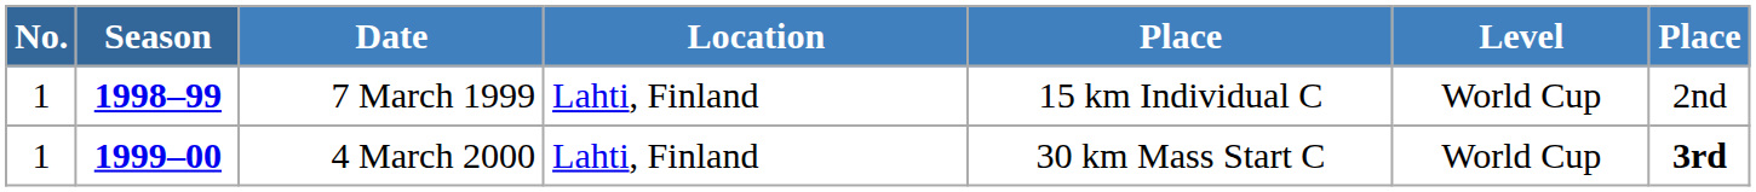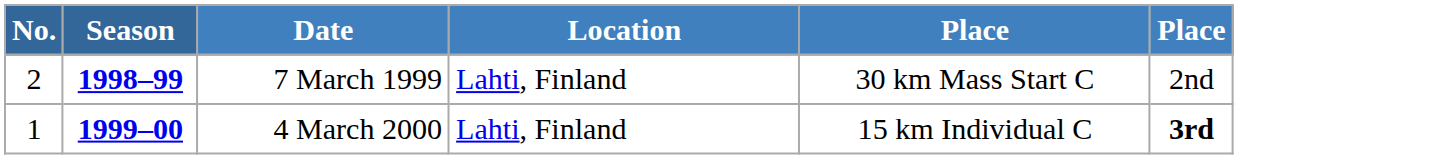 <table class="wikitable sortable" style="font-size:95%; text-align:center; border:grey solid 1px; border-collapse:collapse; background:#ffffff;">
 <tr style="background:#efefef;">
 <th style="background-color:#369; color:white;">No.</th>
 <th style="background-color:#369; color:white;">Season</th>
 <th style="background-color:#4180be; color:white; width:120px;">Date</th>
 <th style="background-color:#4180be; color:white; width:170px;">Location</th>
 <th style="background-color:#4180be; color:white; width:170px;">Place</th>
-<th style="background-color:#4180be; color:white; width:100px;">Level</th>
 <th style="background-color:#4180be; color:white;">Place</th>
 </tr>
 <tr>
-<td align=center>1</td>
+<td align=center>2</td>
 <td rowspan=1 align=center><strong> <a href='#'>1998–99</a> </strong></td>
 <td align=right>7 March 1999</td>
 <td align=left> <a href='#'>Lahti</a>, Finland</td>
-<td>15 km Individual C</td>
-<td>World Cup</td>
+<td>30 km Mass Start C</td>
 <td>2nd</td>
 </tr>
 <tr>
 <td align=center>1</td>
 <td rowspan=1 align=center><strong> <a href='#'>1999–00</a> </strong></td>
 <td align=right>4 March 2000</td>
 <td align=left> <a href='#'>Lahti</a>, Finland</td>
-<td>30 km Mass Start C</td>
-<td>World Cup</td>
+<td>15 km Individual C</td>
 <td><strong>3rd</strong></td>
 </tr>
 </table>
